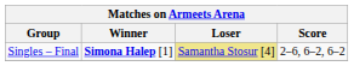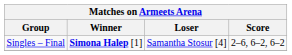 <table class="wikitable collapsible uncollapsed" border=1 style="margin:1em auto;">
 <tr>
 <th colspan=4><strong>Matches on <a href='#'>Armeets Arena</a></strong></th>
 </tr>
 <tr>
 <th>Group</th>
 <th>Winner</th>
 <th>Loser</th>
 <th>Score</th>
 </tr>
 <tr>
 <td><a href='#'>Singles – Final</a></td>
 <td> <strong><a href='#'>Simona Halep</a></strong> [1]</td>
-<td style="background: khaki;"> <a href='#'>Samantha Stosur</a> [4]</td>
+<td> <a href='#'>Samantha Stosur</a> [4]</td>
 <td>2–6, 6–2, 6–2</td>
 </tr>
 <tr>
 </tr>
 </table>
